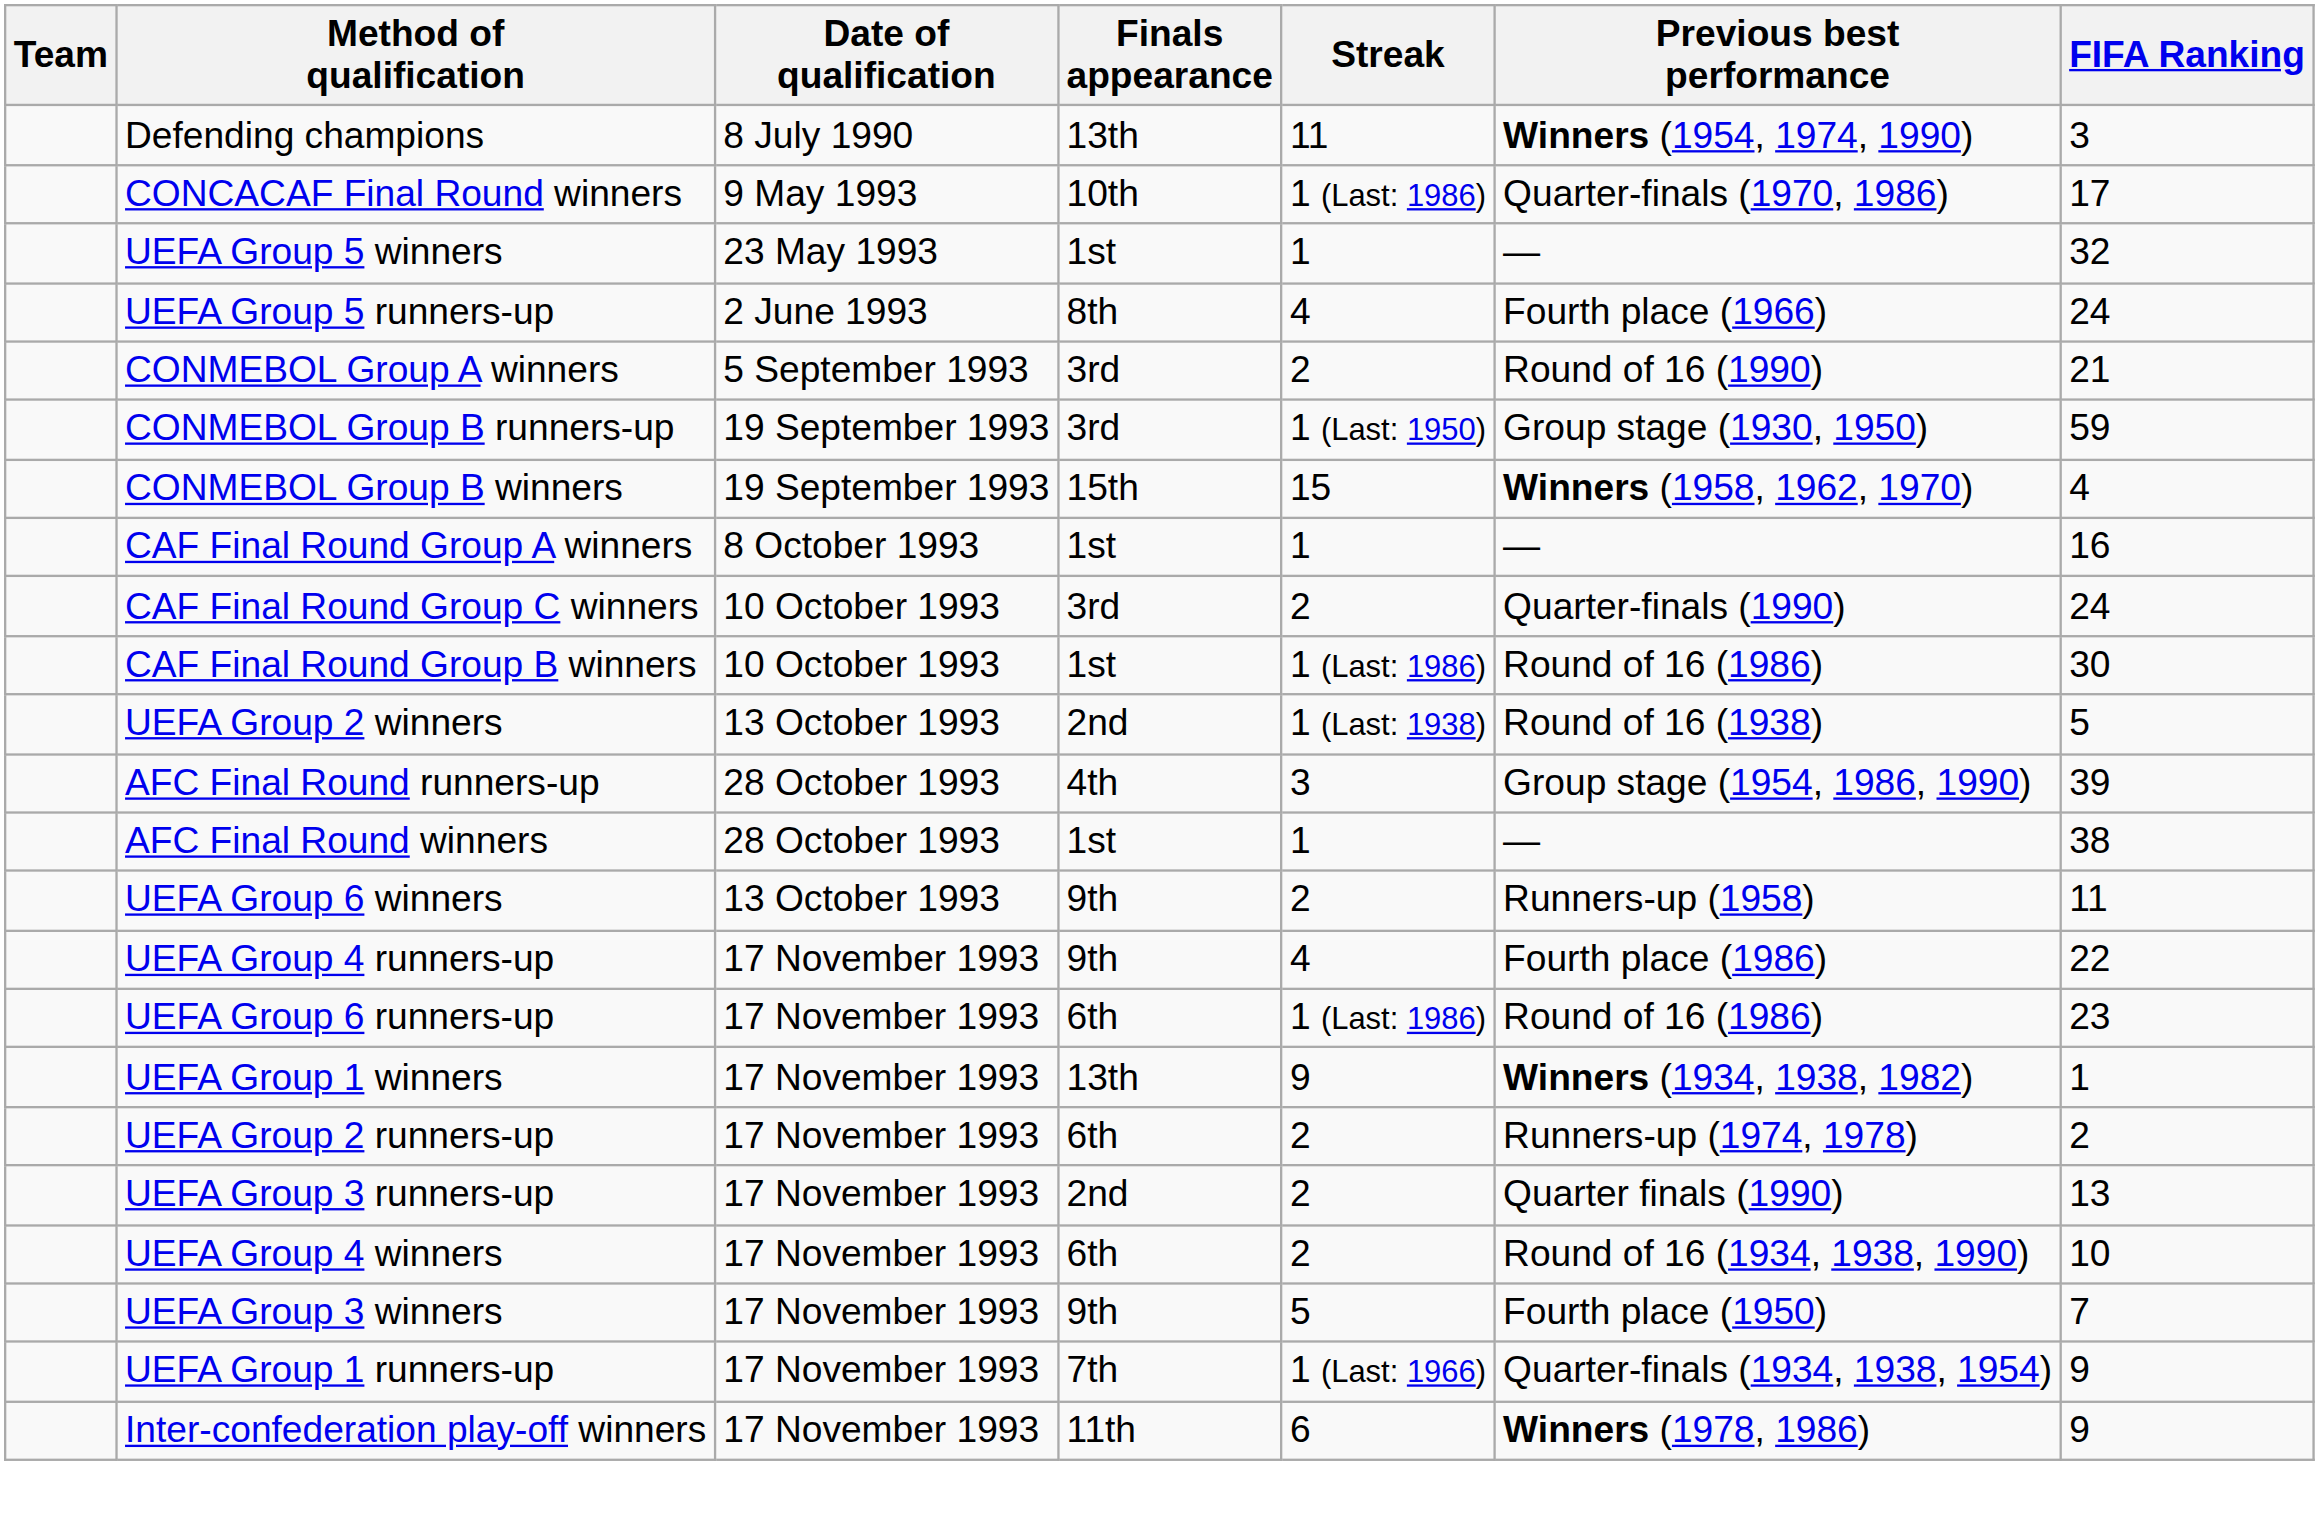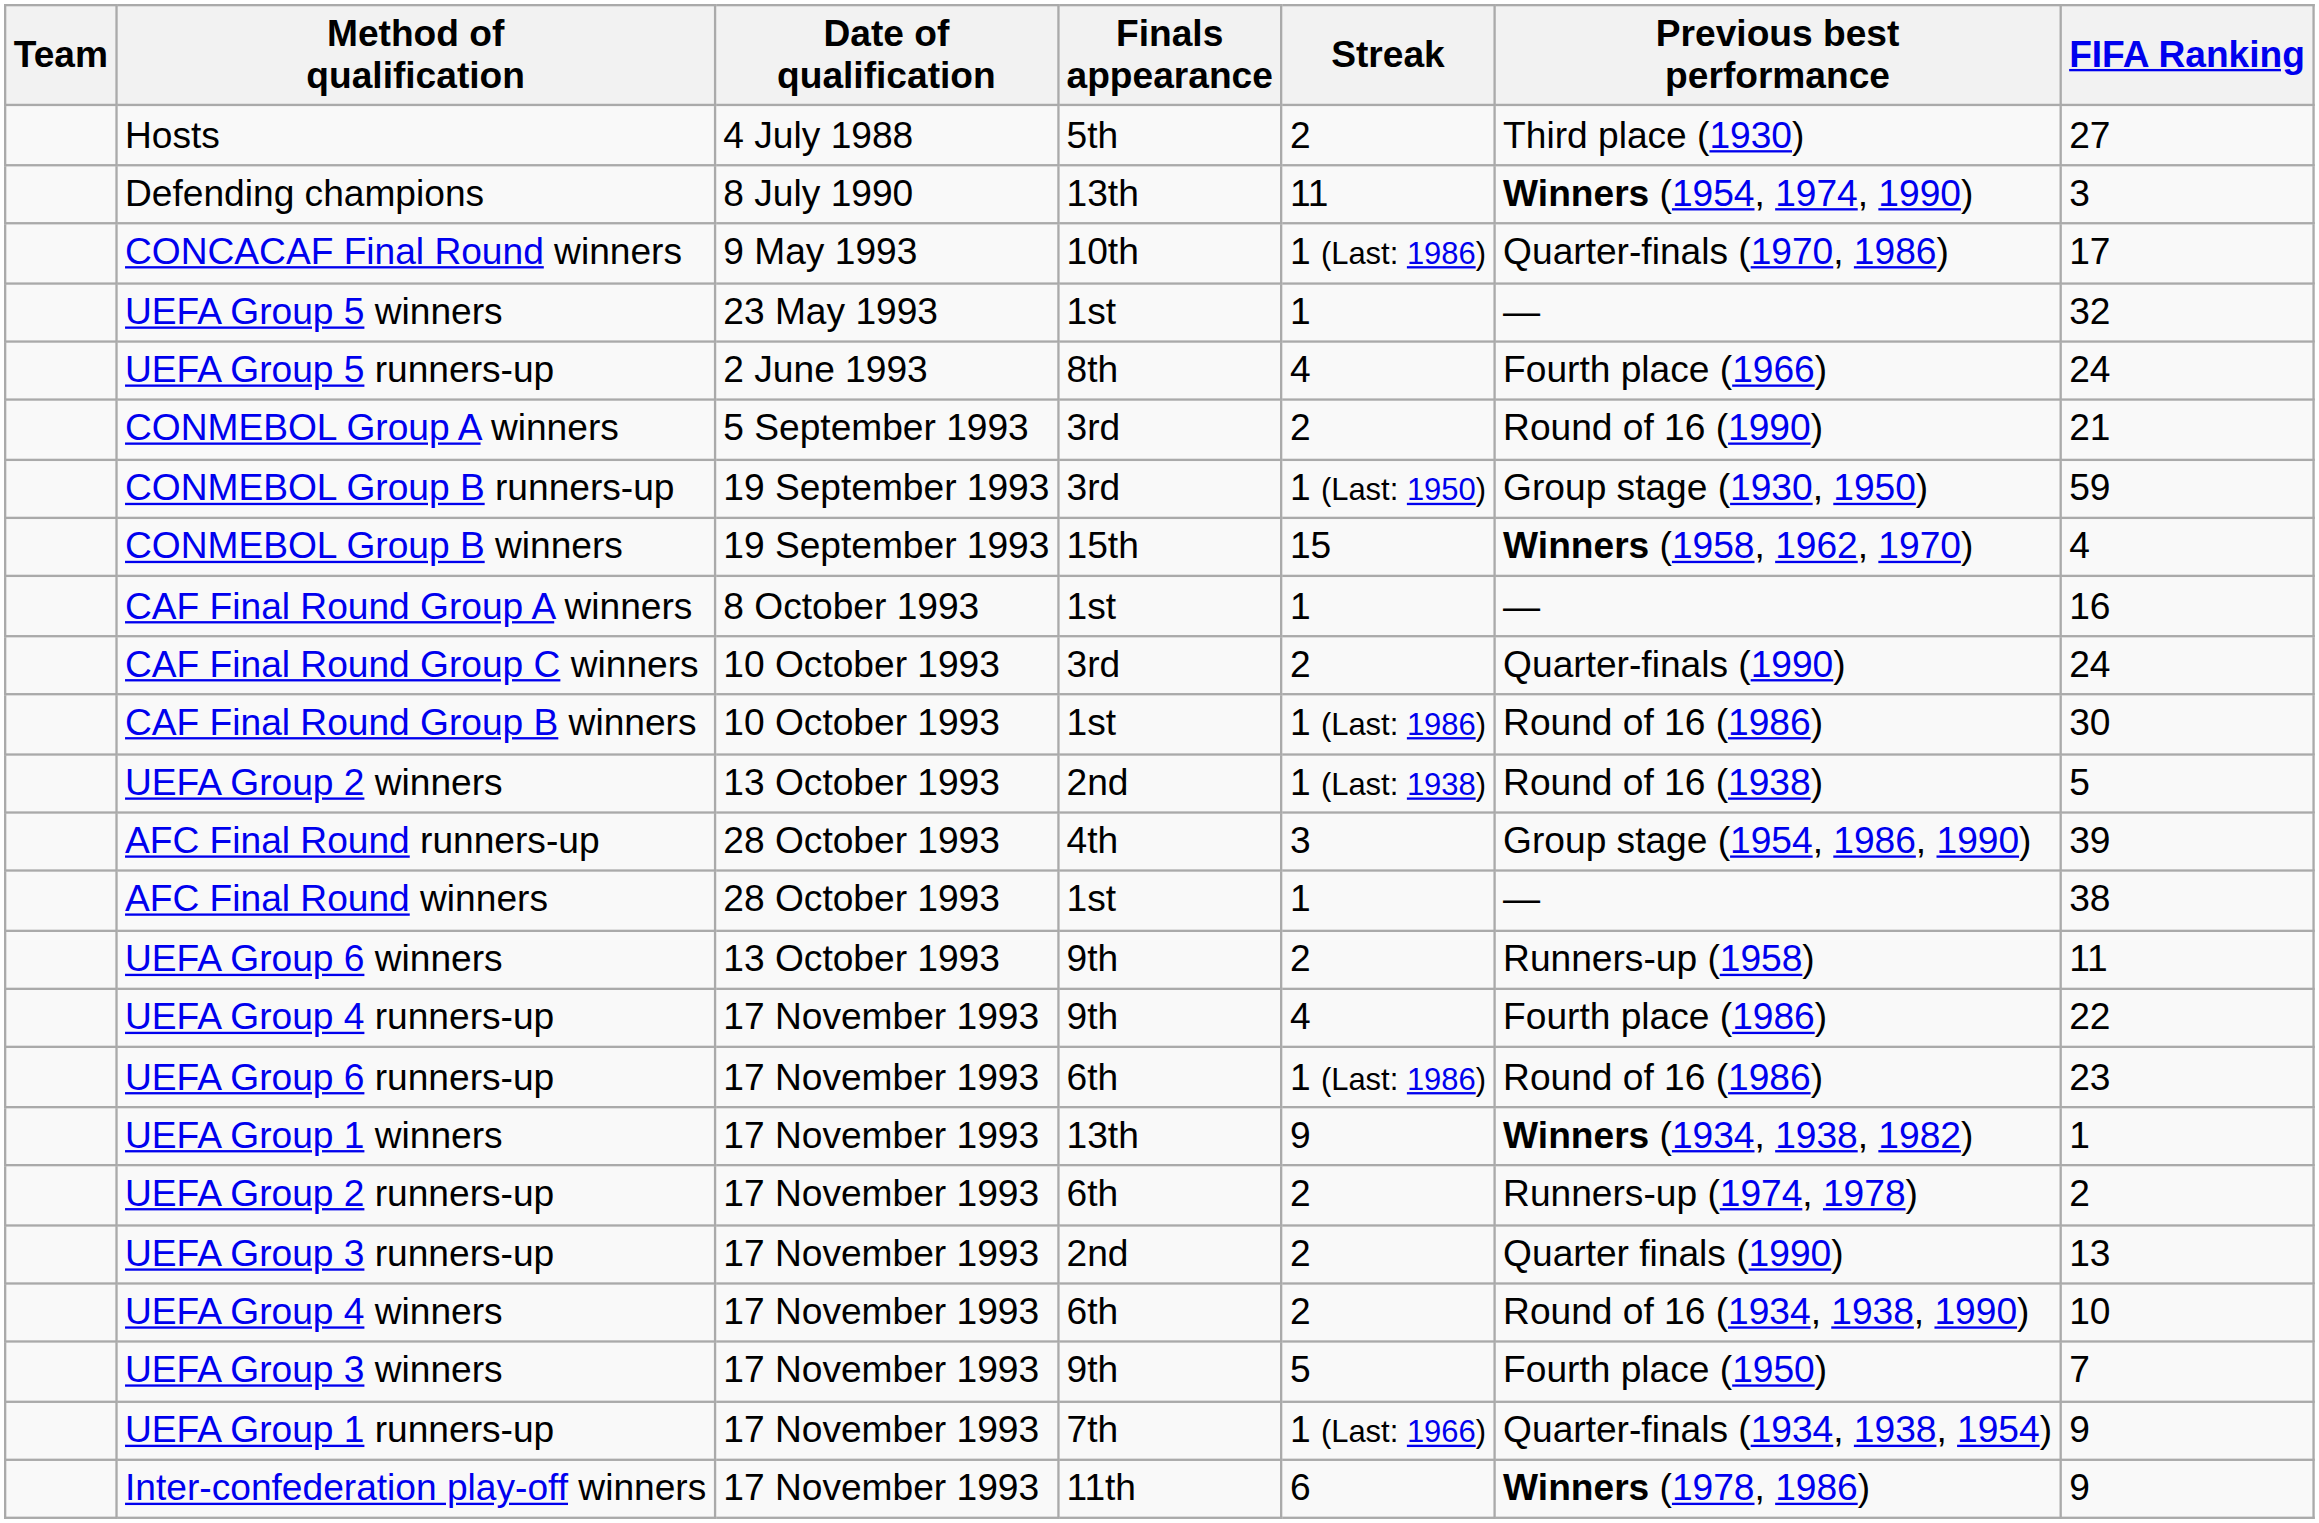 <table class="wikitable sortable" style="text-align: left;">
 <tr>
 <th>Team</th>
 <th>Method of<br>qualification</th>
 <th>Date of<br>qualification</th>
 <th>Finals<br>appearance</th>
 <th>Streak</th>
 <th>Previous best<br>performance</th>
 <th><a href='#'>FIFA Ranking</a></th>
+</tr>
+<tr>
+<td align="left"></td>
+<td>Hosts</td>
+<td>4 July 1988</td>
+<td data-sort-value="5">5th</td>
+<td>2</td>
+<td data-sort-value="3">Third place (<a href='#'>1930</a>)</td>
+<td>27</td>
 </tr>
 <tr>
 <td align="left"></td>
 <td>Defending champions</td>
 <td>8 July 1990</td>
 <td data-sort-value="13">13th</td>
 <td>11</td>
 <td data-sort-value="1"><strong>Winners</strong> (<a href='#'>1954</a>, <a href='#'>1974</a>, <a href='#'>1990</a>)</td>
 <td>3</td>
 </tr>
 <tr>
 <td align="left"></td>
 <td><a href='#'>CONCACAF Final Round</a> winners</td>
 <td>9 May 1993</td>
 <td data-sort-value="10">10th</td>
 <td>1 <small>(Last: <a href='#'>1986</a>)</small></td>
 <td data-sort-value="5">Quarter-finals (<a href='#'>1970</a>, <a href='#'>1986</a>)</td>
 <td>17</td>
 </tr>
 <tr>
 <td align="left"></td>
 <td><a href='#'>UEFA Group 5</a> winners</td>
 <td>23 May 1993</td>
 <td data-sort-value="1">1st</td>
 <td>1</td>
 <td data-sort-value="8">—</td>
 <td>32</td>
 </tr>
 <tr>
 <td align="left"></td>
 <td><a href='#'>UEFA Group 5</a> runners-up</td>
 <td>2 June 1993</td>
 <td data-sort-value="8">8th</td>
 <td>4</td>
 <td data-sort-value="4">Fourth place (<a href='#'>1966</a>)</td>
 <td>24</td>
 </tr>
 <tr>
 <td align="left"></td>
 <td><a href='#'>CONMEBOL Group A</a> winners</td>
 <td>5 September 1993</td>
 <td data-sort-value="3">3rd</td>
 <td>2</td>
 <td data-sort-value="6">Round of 16 (<a href='#'>1990</a>)</td>
 <td>21</td>
 </tr>
 <tr>
 <td align="left"></td>
 <td><a href='#'>CONMEBOL Group B</a> runners-up</td>
 <td>19 September 1993</td>
 <td data-sort-value="3">3rd</td>
 <td>1 <small>(Last: <a href='#'>1950</a>)</small></td>
 <td data-sort-value="7">Group stage (<a href='#'>1930</a>, <a href='#'>1950</a>)</td>
 <td>59</td>
 </tr>
 <tr>
 <td align="left"></td>
 <td><a href='#'>CONMEBOL Group B</a> winners</td>
 <td>19 September 1993</td>
 <td data-sort-value="15">15th</td>
 <td>15</td>
 <td data-sort-value="1"><strong>Winners</strong> (<a href='#'>1958</a>, <a href='#'>1962</a>, <a href='#'>1970</a>)</td>
 <td>4</td>
 </tr>
 <tr>
 <td align="left"></td>
 <td><a href='#'>CAF Final Round Group A</a> winners</td>
 <td>8 October 1993</td>
 <td data-sort-value="1">1st</td>
 <td>1</td>
 <td data-sort-value="8">—</td>
 <td>16</td>
 </tr>
 <tr>
 <td align="left"></td>
 <td><a href='#'>CAF Final Round Group C</a> winners</td>
 <td>10 October 1993</td>
 <td data-sort-value="3">3rd</td>
 <td>2</td>
 <td data-sort-value="5">Quarter-finals (<a href='#'>1990</a>)</td>
 <td>24</td>
 </tr>
 <tr>
 <td align="left"></td>
 <td><a href='#'>CAF Final Round Group B</a> winners</td>
 <td>10 October 1993</td>
 <td data-sort-value="1">1st</td>
 <td>1 <small>(Last: <a href='#'>1986</a>)</small></td>
 <td data-sort-value="6">Round of 16 (<a href='#'>1986</a>)</td>
 <td>30</td>
 </tr>
 <tr>
 <td align="left"></td>
 <td><a href='#'>UEFA Group 2</a> winners</td>
 <td>13 October 1993</td>
 <td data-sort-value="2">2nd</td>
 <td>1 <small>(Last: <a href='#'>1938</a>)</small></td>
 <td data-sort-value="6">Round of 16 (<a href='#'>1938</a>)</td>
 <td>5</td>
 </tr>
 <tr>
 <td align="left"></td>
 <td><a href='#'>AFC Final Round</a> runners-up</td>
 <td>28 October 1993</td>
 <td data-sort-value="4">4th</td>
 <td>3</td>
 <td data-sort-value="7">Group stage (<a href='#'>1954</a>, <a href='#'>1986</a>, <a href='#'>1990</a>)</td>
 <td>39</td>
 </tr>
 <tr>
 <td align="left"></td>
 <td><a href='#'>AFC Final Round</a> winners</td>
 <td>28 October 1993</td>
 <td data-sort-value="1">1st</td>
 <td>1</td>
 <td data-sort-value="8">—</td>
 <td>38</td>
 </tr>
 <tr>
 <td align="left"></td>
 <td><a href='#'>UEFA Group 6</a> winners</td>
 <td>13 October 1993</td>
 <td data-sort-value="9">9th</td>
 <td>2</td>
 <td data-sort-value="2">Runners-up (<a href='#'>1958</a>)</td>
 <td>11</td>
 </tr>
 <tr>
 <td align="left"></td>
 <td><a href='#'>UEFA Group 4</a> runners-up</td>
 <td>17 November 1993</td>
 <td data-sort-value="9">9th</td>
 <td>4</td>
 <td data-sort-value="4">Fourth place (<a href='#'>1986</a>)</td>
 <td>22</td>
 </tr>
 <tr>
 <td align="left"></td>
 <td><a href='#'>UEFA Group 6</a> runners-up</td>
 <td>17 November 1993</td>
 <td data-sort-value="6">6th</td>
 <td>1 <small>(Last: <a href='#'>1986</a>)</small></td>
 <td data-sort-value="6">Round of 16 (<a href='#'>1986</a>)</td>
 <td>23</td>
 </tr>
 <tr>
 <td align="left"></td>
 <td><a href='#'>UEFA Group 1</a> winners</td>
 <td>17 November 1993</td>
 <td data-sort-value="13">13th</td>
 <td>9</td>
 <td data-sort-value="1"><strong>Winners</strong> (<a href='#'>1934</a>, <a href='#'>1938</a>, <a href='#'>1982</a>)</td>
 <td>1</td>
 </tr>
 <tr>
 <td align="left"></td>
 <td><a href='#'>UEFA Group 2</a> runners-up</td>
 <td>17 November 1993</td>
 <td data-sort-value="6">6th</td>
 <td>2</td>
 <td data-sort-value="2">Runners-up (<a href='#'>1974</a>, <a href='#'>1978</a>)</td>
 <td>2</td>
 </tr>
 <tr>
 <td align="left"></td>
 <td><a href='#'>UEFA Group 3</a> runners-up</td>
 <td>17 November 1993</td>
 <td data-sort-value="2">2nd</td>
 <td>2</td>
 <td data-sort-value="5">Quarter finals (<a href='#'>1990</a>)</td>
 <td>13</td>
 </tr>
 <tr>
 <td align="left"></td>
 <td><a href='#'>UEFA Group 4</a> winners</td>
 <td>17 November 1993</td>
 <td data-sort-value="6">6th</td>
 <td>2</td>
 <td data-sort-value="6">Round of 16 (<a href='#'>1934</a>, <a href='#'>1938</a>, <a href='#'>1990</a>)</td>
 <td>10</td>
 </tr>
 <tr>
 <td align="left"></td>
 <td><a href='#'>UEFA Group 3</a> winners</td>
 <td>17 November 1993</td>
 <td data-sort-value="9">9th</td>
 <td>5</td>
 <td data-sort-value="4">Fourth place (<a href='#'>1950</a>)</td>
 <td>7</td>
 </tr>
 <tr>
 <td align="left"></td>
 <td><a href='#'>UEFA Group 1</a> runners-up</td>
 <td>17 November 1993</td>
 <td data-sort-value="7">7th</td>
 <td>1 <small>(Last: <a href='#'>1966</a>)</small></td>
 <td data-sort-value="5">Quarter-finals (<a href='#'>1934</a>, <a href='#'>1938</a>, <a href='#'>1954</a>)</td>
 <td>9</td>
 </tr>
 <tr>
 <td align="left"></td>
 <td><a href='#'>Inter-confederation play-off</a> winners</td>
 <td>17 November 1993</td>
 <td data-sort-value="11">11th</td>
 <td>6</td>
 <td data-sort-value="1"><strong>Winners</strong> (<a href='#'>1978</a>, <a href='#'>1986</a>)</td>
 <td>9</td>
 </tr>
 </table>
